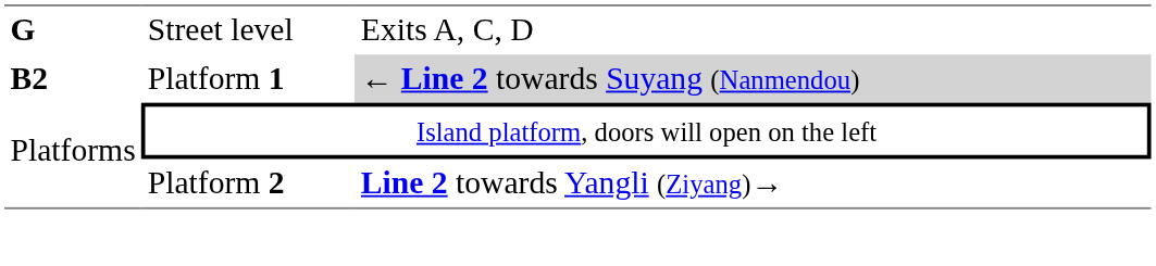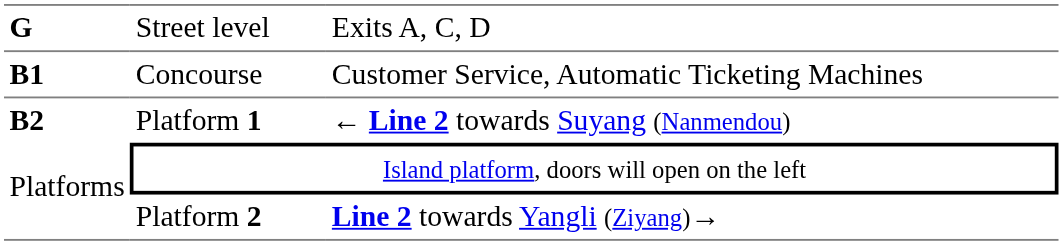 <table border="0" cellspacing="0" cellpadding="3">
 <tr>
 <td style="border-top:solid 1px gray;" width="50" valign="top"><strong>G</strong></td>
 <td style="border-top:solid 1px gray;" width="100" valign="top">Street level</td>
 <td style="border-top:solid 1px gray;" width="390" valign="top">Exits A, C, D</td>
 </tr>
 <tr>
+<td style="border-bottom:solid 1px gray; border-top:solid 1px gray;" valign="top" width="50"><strong>B1<br></strong></td>
+<td style="border-bottom:solid 1px gray; border-top:solid 1px gray;" valign="top" width="100">Concourse</td>
+<td style="border-bottom:solid 1px gray; border-top:solid 1px gray;" valign="top" width="390">Customer Service, Automatic Ticketing Machines</td>
+</tr>
+<tr>
 <td rowspan="3" style="border-bottom:solid 1px gray;" valign="top"><strong>B2<br></strong><br>Platforms</td>
 <td>Platform <strong>1</strong></td>
-<td style="background: lightgrey;">← <a href='#'><span><span><strong>Line 2</strong></span></span></a> towards <a href='#'>Suyang</a> <small>(<a href='#'>Nanmendou</a>)</small></td>
+<td>← <a href='#'><span><span><strong>Line 2</strong></span></span></a> towards <a href='#'>Suyang</a> <small>(<a href='#'>Nanmendou</a>)</small></td>
 </tr>
 <tr>
 <td colspan="2" style="border-right:solid 2px black;border-left:solid 2px black;border-top:solid 2px black;border-bottom:solid 2px black;text-align:center;"><small><a href='#'>Island platform</a>, doors will open on the left</small></td>
 </tr>
 <tr>
 <td style="border-bottom:solid 1px gray;">Platform <strong>2</strong></td>
 <td style="border-bottom:solid 1px gray;"> <a href='#'><span><span><strong>Line 2</strong></span></span></a>  towards <a href='#'>Yangli</a> <small>(<a href='#'>Ziyang</a>)</small>→</td>
 </tr>
 <tr>
 </tr>
 </table>
